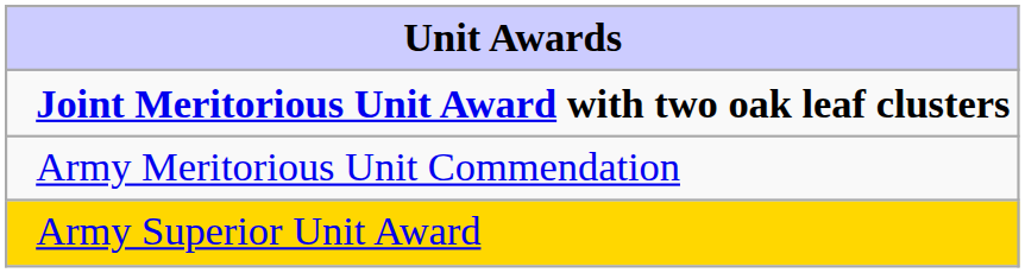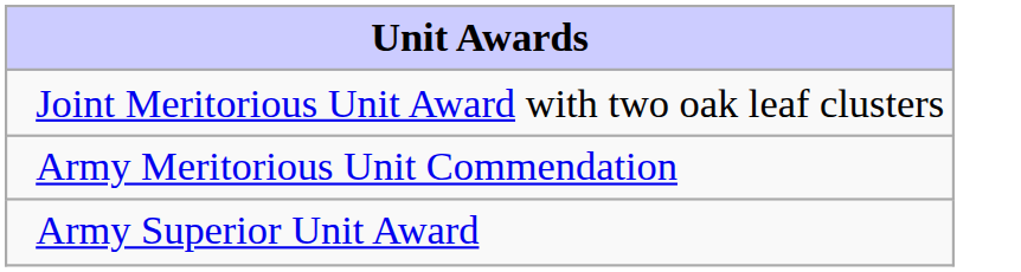 <table class="wikitable">
 <tr style="background:#ccf; text-align:center;">
 <td colspan=2><strong>Unit Awards</strong></td>
 </tr>
 <tr>
-<td align=left><strong><span></span><span></span>  <a href='#'>Joint Meritorious Unit Award</a> with two oak leaf clusters</strong></td>
+<td align=left><span></span><span></span>  <a href='#'>Joint Meritorious Unit Award</a> with two oak leaf clusters</td>
 </tr>
 <tr>
 <td align=left>  <a href='#'>Army Meritorious Unit Commendation</a></td>
 </tr>
 <tr>
-<td align=left style="background: gold;">  <a href='#'>Army Superior Unit Award</a></td>
+<td align=left>  <a href='#'>Army Superior Unit Award</a></td>
 </tr>
 </table>
